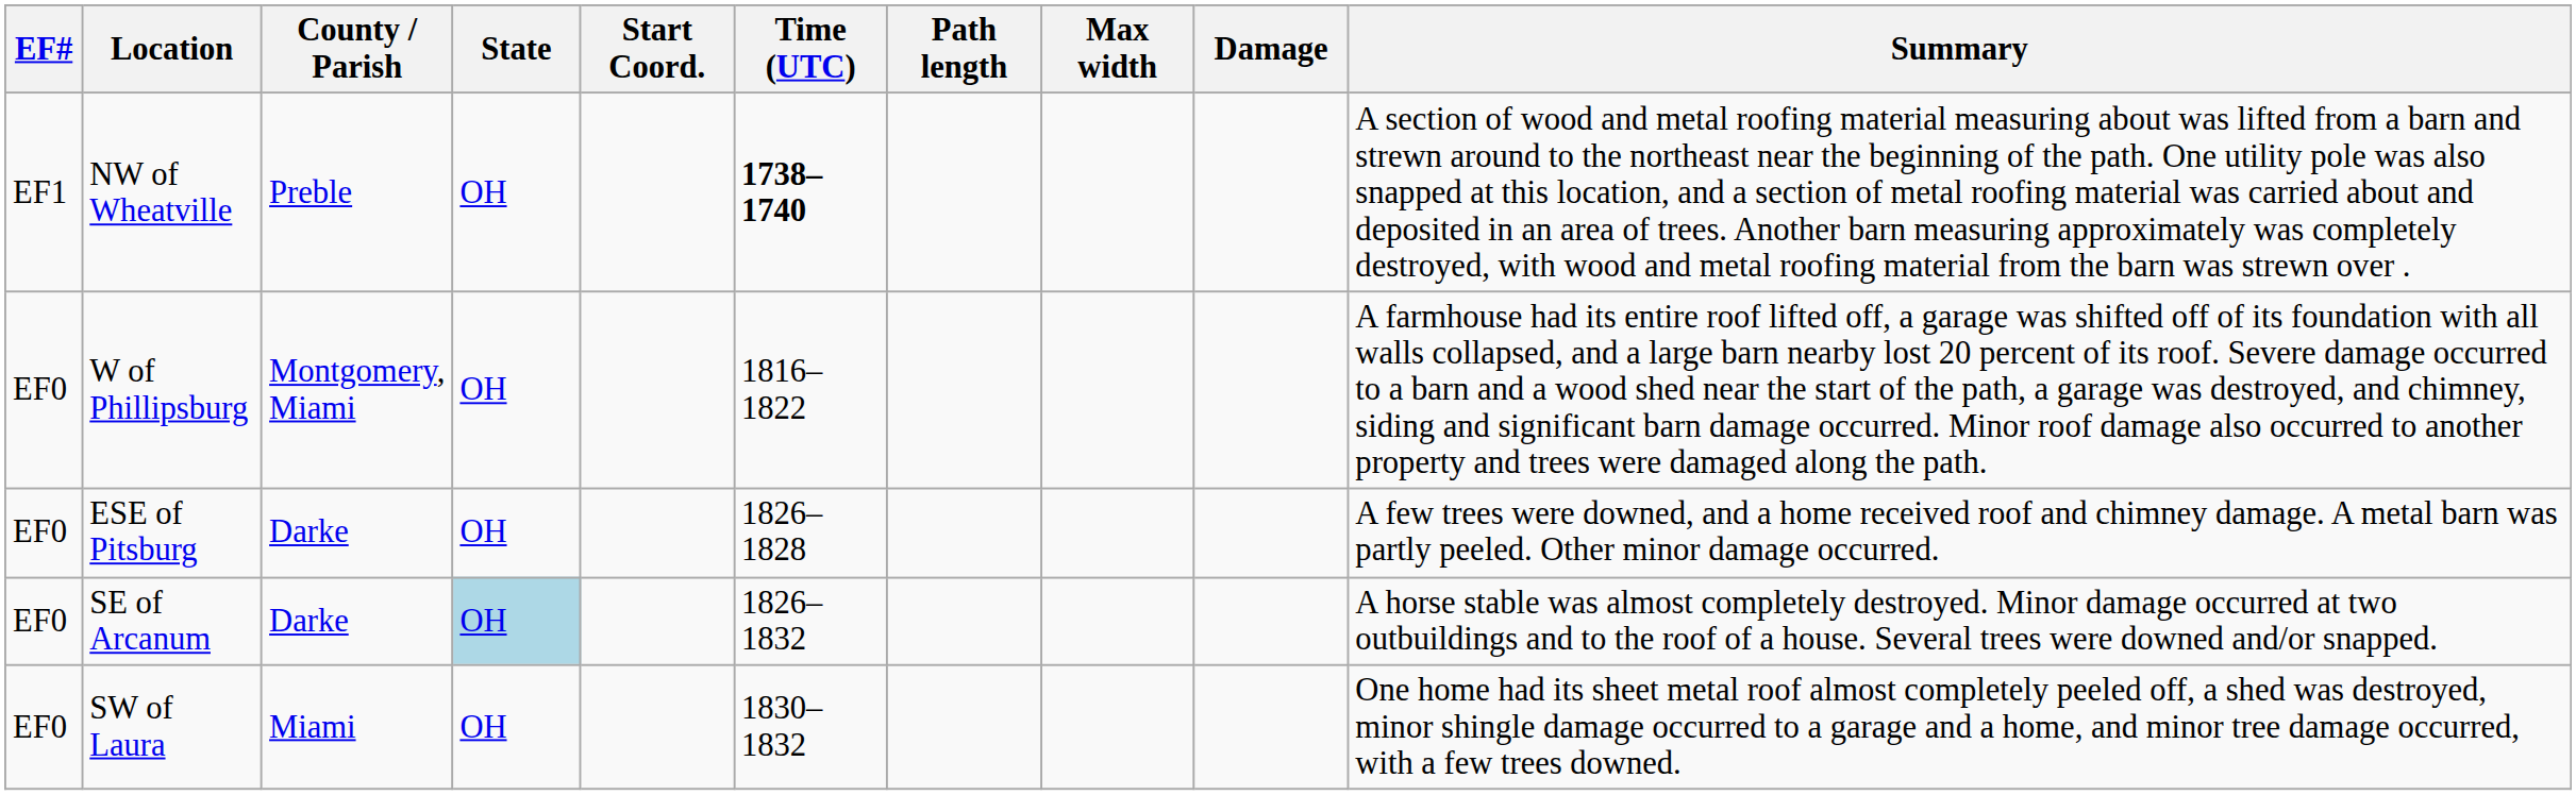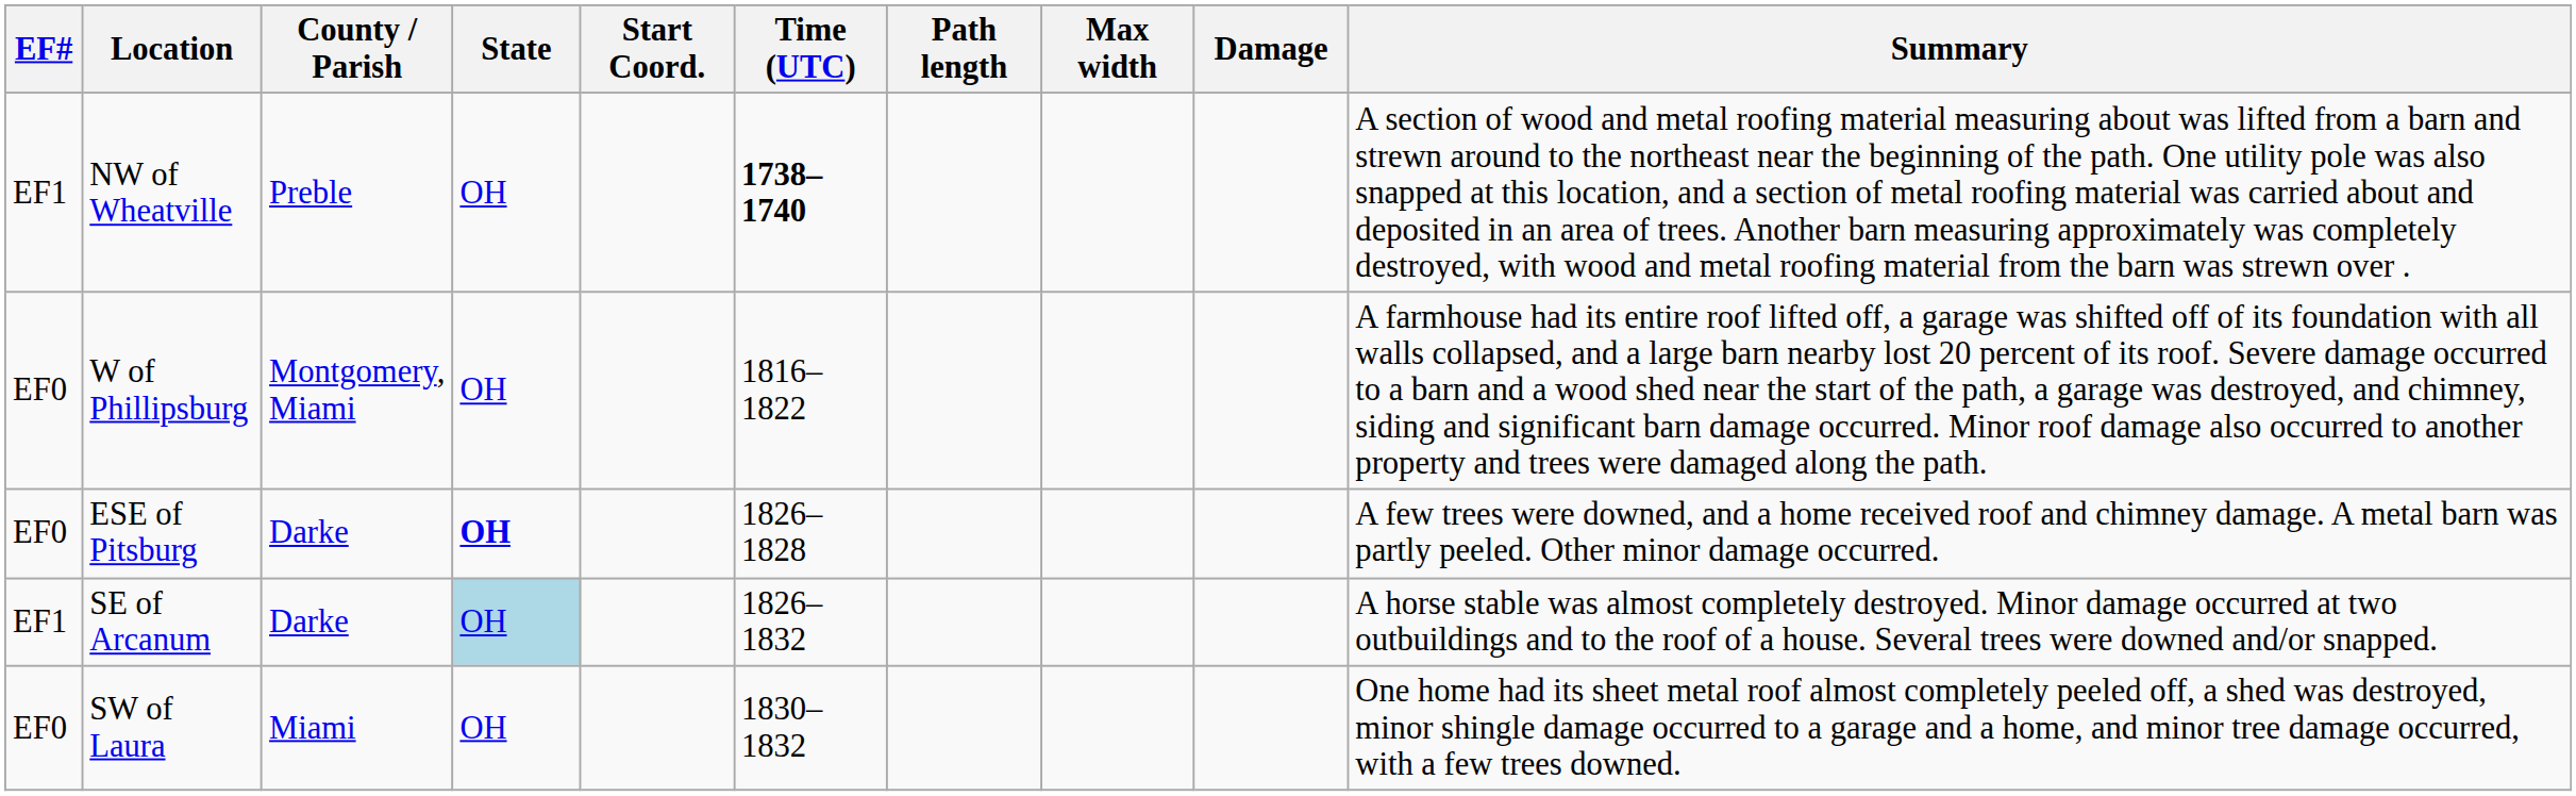 <table class="wikitable sortable" style="width:100%;">
 <tr>
 <th scope="col"  style="width:3%; text-align:center;"><a href='#'>EF#</a></th>
 <th scope="col"  style="width:7%; text-align:center;" class="unsortable">Location</th>
 <th scope="col"  style="width:6%; text-align:center;" class="unsortable">County / Parish</th>
 <th scope="col"  style="width:5%; text-align:center;">State</th>
 <th scope="col"  style="width:6%; text-align:center;">Start Coord.</th>
 <th scope="col"  style="width:6%; text-align:center;">Time (<a href='#'>UTC</a>)</th>
 <th scope="col"  style="width:6%; text-align:center;">Path length</th>
 <th scope="col"  style="width:6%; text-align:center;">Max width</th>
 <th scope="col"  style="width:6%; text-align:center;">Damage</th>
 <th scope="col" class="unsortable" style="width:48%; text-align:center;">Summary</th>
 </tr>
 <tr>
 <td>EF1</td>
 <td>NW of <a href='#'>Wheatville</a></td>
 <td><a href='#'>Preble</a></td>
 <td><a href='#'>OH</a></td>
 <td></td>
 <td><strong>1738–1740</strong></td>
 <td></td>
 <td></td>
 <td></td>
 <td>A section of wood and metal roofing material measuring about  was lifted from a barn and strewn around  to the northeast near the beginning of the path. One utility pole was also snapped at this location, and a section of metal roofing material was carried about  and deposited in an area of trees. Another barn measuring approximately  was completely destroyed, with wood and metal roofing material from the barn was strewn over .</td>
 </tr>
 <tr>
 <td>EF0</td>
 <td>W of <a href='#'>Phillipsburg</a></td>
 <td><a href='#'>Montgomery</a>, <a href='#'>Miami</a></td>
 <td><a href='#'>OH</a></td>
 <td></td>
 <td>1816–1822</td>
 <td></td>
 <td></td>
 <td></td>
 <td>A farmhouse had its entire roof lifted off, a garage was shifted off of its foundation with all walls collapsed, and a large barn nearby lost 20 percent of its roof. Severe damage occurred to a barn and a wood shed near the start of the path, a garage was destroyed, and chimney, siding and significant barn damage occurred. Minor roof damage also occurred to another property and trees were damaged along the path.</td>
 </tr>
 <tr>
 <td>EF0</td>
 <td>ESE of <a href='#'>Pitsburg</a></td>
 <td><a href='#'>Darke</a></td>
-<td><a href='#'>OH</a></td>
+<td><strong><a href='#'>OH</a></strong></td>
 <td></td>
 <td>1826–1828</td>
 <td></td>
 <td></td>
 <td></td>
 <td>A few trees were downed, and a home received roof and chimney damage. A metal barn was partly peeled. Other minor damage occurred.</td>
 </tr>
 <tr>
-<td>EF0</td>
+<td>EF1</td>
 <td>SE of <a href='#'>Arcanum</a></td>
 <td><a href='#'>Darke</a></td>
 <td style="background: lightblue;"><a href='#'>OH</a></td>
 <td></td>
 <td>1826–1832</td>
 <td></td>
 <td></td>
 <td></td>
 <td>A horse stable was almost completely destroyed. Minor damage occurred at two outbuildings and to the roof of a house. Several trees were downed and/or snapped.</td>
 </tr>
 <tr>
 <td>EF0</td>
 <td>SW of <a href='#'>Laura</a></td>
 <td><a href='#'>Miami</a></td>
 <td><a href='#'>OH</a></td>
 <td></td>
 <td>1830–1832</td>
 <td></td>
 <td></td>
 <td></td>
 <td>One home had its sheet metal roof almost completely peeled off, a shed was destroyed, minor shingle damage occurred to a garage and a home, and minor tree damage occurred, with a few trees downed.</td>
 </tr>
 </table>
